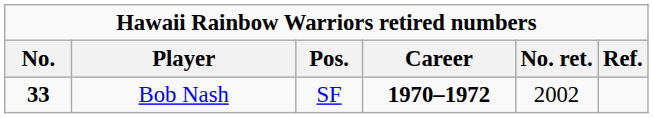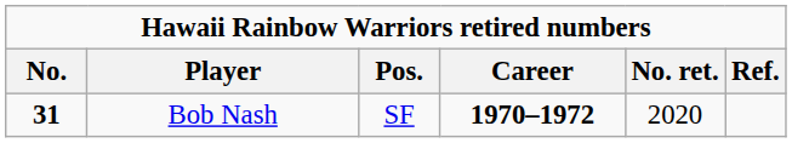 <table class="wikitable sortable" style="text-align:center">
 <tr>
 <td colspan=6><strong>Hawaii Rainbow Warriors retired numbers</strong></td>
 </tr>
 <tr>
 <th width=40px>No.</th>
 <th width=150px>Player</th>
 <th width=40px>Pos.</th>
 <th width=100px>Career</th>
 <th width=px>No. ret.</th>
 <th width=px>Ref.</th>
 </tr>
 <tr>
-<td><strong>33</strong></td>
+<td><strong>31</strong></td>
 <td><a href='#'>Bob Nash</a></td>
 <td><a href='#'>SF</a></td>
 <td><strong>1970–1972</strong></td>
-<td>2002</td>
+<td>2020</td>
 <td></td>
 </tr>
 </table>
